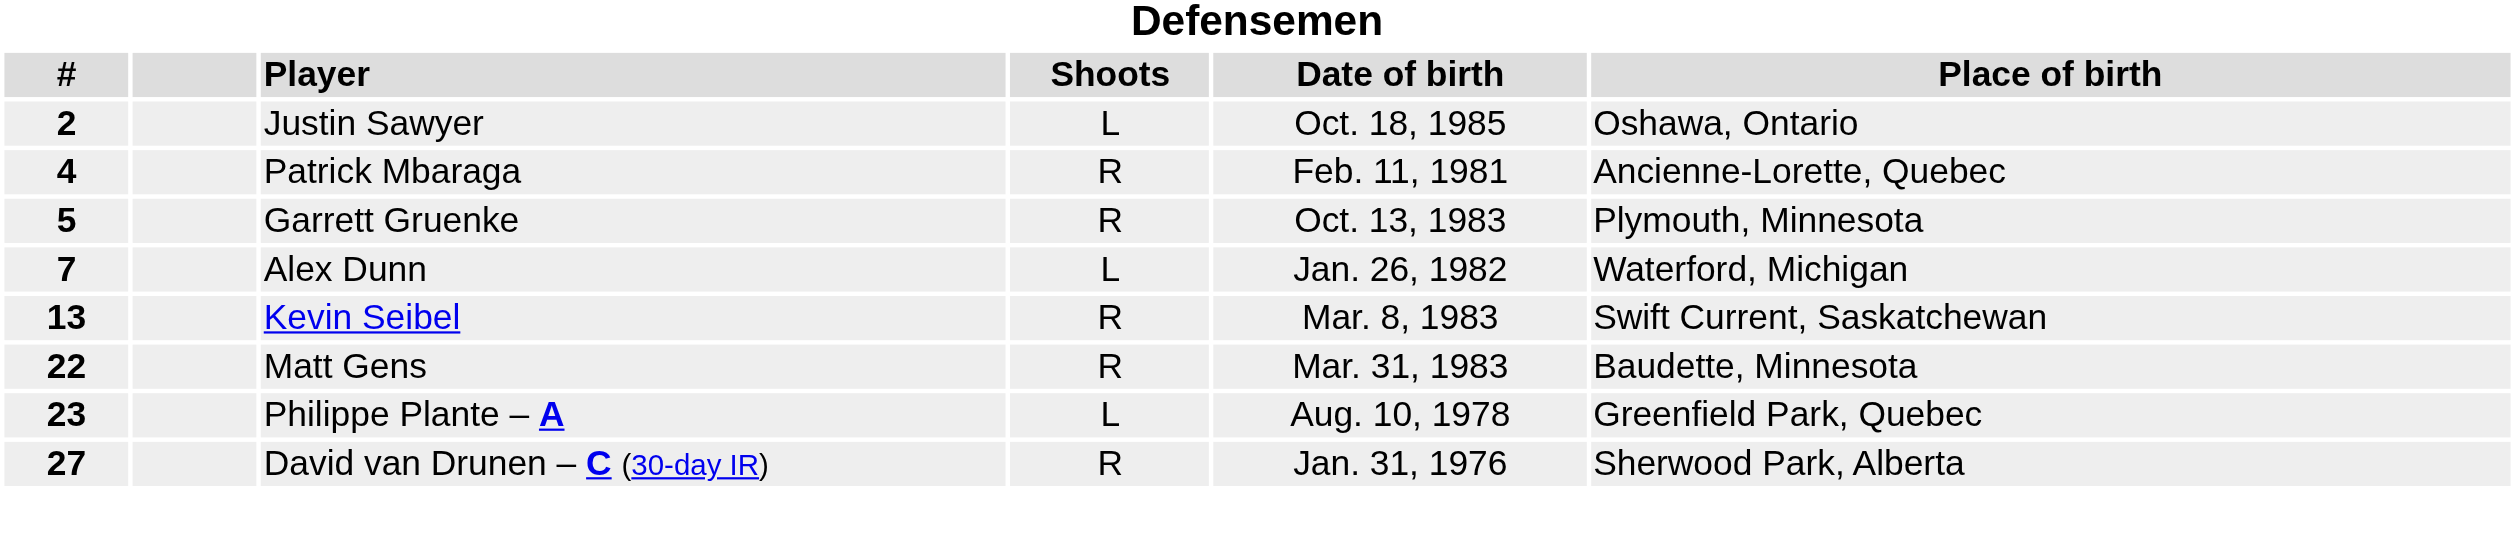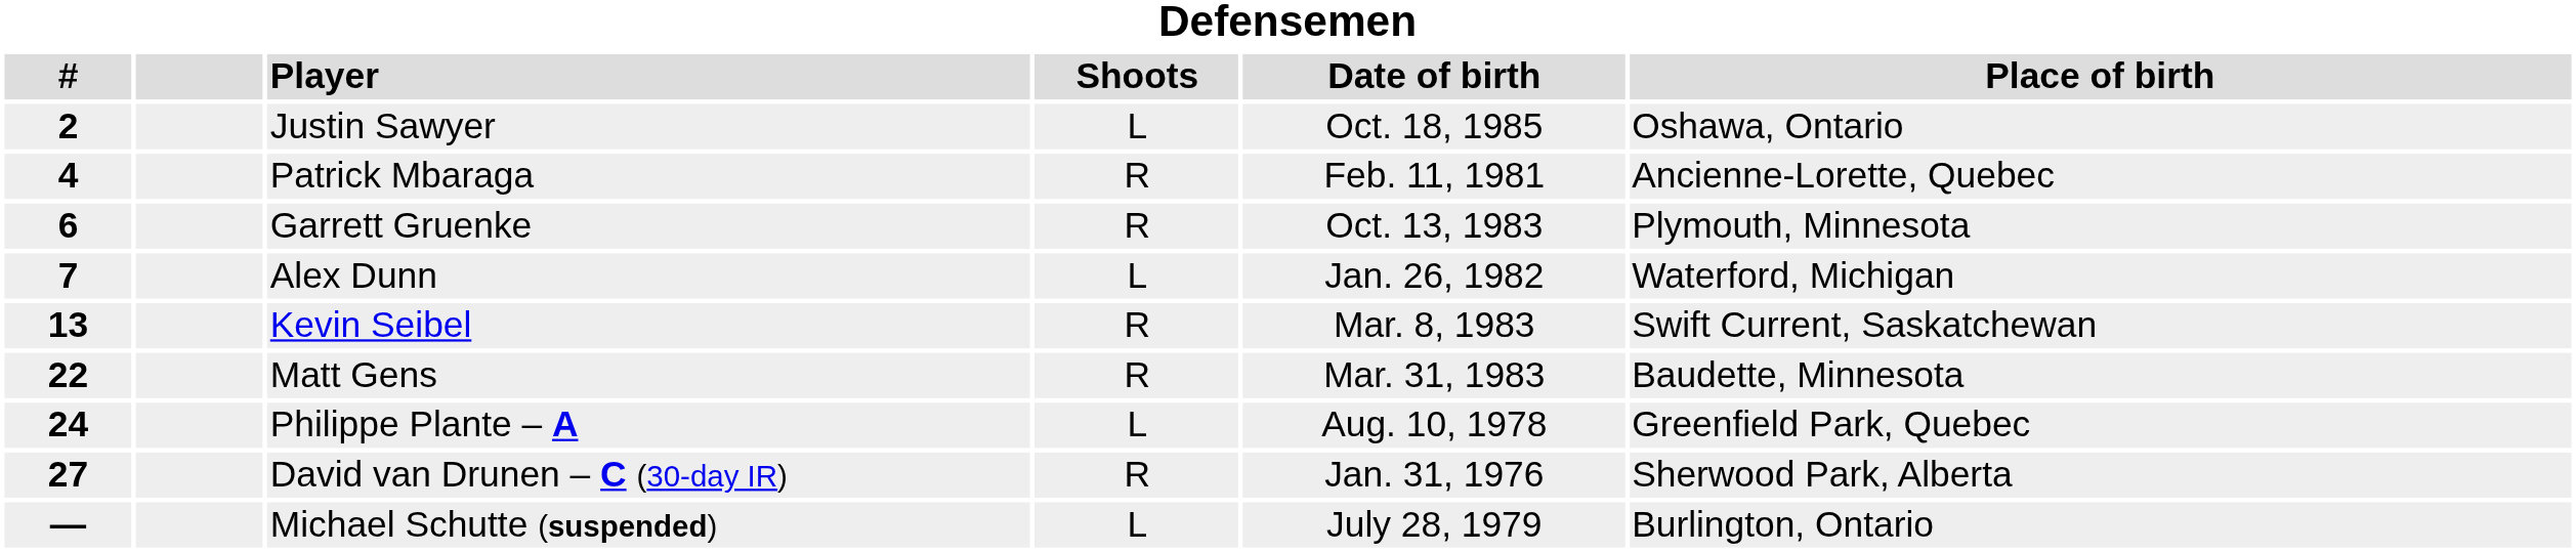 <table width=90%>
 <tr>
 <th colspan=6><div><big>Defensemen</big></div></th>
 </tr>
 <tr bgcolor="#dddddd">
 <th width=5%>#</th>
 <th width=5%></th>
 <td align=left!!width=15%><strong>Player</strong></td>
 <th width=8%>Shoots</th>
 <th width=15%>Date of birth</th>
 <th width=37%>Place of birth<br></th>
 </tr>
 <tr bgcolor="#eeeeee">
 <td align=center><strong>2</strong></td>
 <td align=center></td>
 <td>Justin Sawyer</td>
 <td align=center>L</td>
 <td align=center>Oct. 18, 1985</td>
 <td>Oshawa, Ontario<br> </td>
 </tr>
 <tr bgcolor="#eeeeee">
 <td align=center><strong>4</strong></td>
 <td align=center></td>
 <td>Patrick Mbaraga</td>
 <td align=center>R</td>
 <td align=center>Feb. 11, 1981</td>
 <td>Ancienne-Lorette, Quebec<br> </td>
 </tr>
 <tr bgcolor="#eeeeee">
-<td align=center><strong>5</strong></td>
+<td align=center><strong>6</strong></td>
 <td align=center></td>
 <td>Garrett Gruenke</td>
 <td align=center>R</td>
 <td align=center>Oct. 13, 1983</td>
 <td>Plymouth, Minnesota<br></td>
 </tr>
 <tr bgcolor="#eeeeee">
 <td align=center><strong>7</strong></td>
 <td align=center></td>
 <td>Alex Dunn</td>
 <td align=center>L</td>
 <td align=center>Jan. 26, 1982</td>
 <td>Waterford, Michigan<br></td>
 </tr>
 <tr bgcolor="#eeeeee">
 <td align=center><strong>13</strong></td>
 <td align=center></td>
 <td><a href='#'>Kevin Seibel</a></td>
 <td align=center>R</td>
 <td align=center>Mar. 8, 1983</td>
 <td>Swift Current, Saskatchewan<br> </td>
 </tr>
 <tr bgcolor="#eeeeee">
 <td align=center><strong>22</strong></td>
 <td align=center></td>
 <td>Matt Gens</td>
 <td align=center>R</td>
 <td align=center>Mar. 31, 1983</td>
 <td>Baudette, Minnesota<br> </td>
 </tr>
 <tr bgcolor="#eeeeee">
-<td align=center><strong>23</strong></td>
+<td align=center><strong>24</strong></td>
 <td align=center></td>
 <td>Philippe Plante – <strong><a href='#'>A</a></strong></td>
 <td align=center>L</td>
 <td align=center>Aug. 10, 1978</td>
 <td>Greenfield Park, Quebec<br> </td>
 </tr>
 <tr bgcolor="#eeeeee">
 <td align=center><strong>27</strong></td>
 <td align=center></td>
 <td>David van Drunen – <strong><a href='#'>C</a></strong>  <small>(<a href='#'>30-day IR</a>)</small></td>
 <td align=center>R</td>
 <td align=center>Jan. 31, 1976</td>
 <td>Sherwood Park, Alberta<br></td>
 </tr>
+<tr bgcolor="#eeeeee">
+<td align=center><strong>—</strong></td>
+<td align=center></td>
+<td>Michael Schutte <small>(<strong>suspended</strong>)</small></td>
+<td align=center>L</td>
+<td align=center>July 28, 1979</td>
+<td>Burlington, Ontario</td>
+</tr>
 </table>
